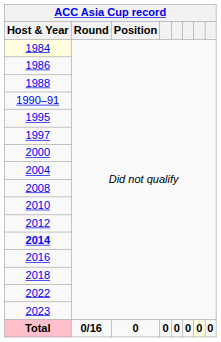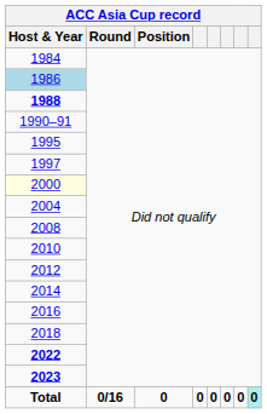 <table class="wikitable" style="text-align: center;">
 <tr>
 <th colspan=8><a href='#'>ACC Asia Cup record</a></th>
 </tr>
 <tr>
 <th scope="col">Host & Year</th>
 <th scope="col">Round</th>
 <th scope="col">Position</th>
 <th scope="col"></th>
 <th scope="col"></th>
 <th scope="col"></th>
 <th scope="col"></th>
 <th scope="col"></th>
 </tr>
 <tr>
-<td style="background: lightyellow;"> <a href='#'>1984</a></td>
+<td> <a href='#'>1984</a></td>
 <td colspan="7" rowspan="16"><em>Did not qualify</em></td>
 </tr>
 <tr>
-<td> <a href='#'>1986</a></td>
+<td style="background: lightblue;"> <a href='#'>1986</a></td>
 </tr>
 <tr>
-<td> <a href='#'>1988</a></td>
+<td><strong> <a href='#'>1988</a></strong></td>
 </tr>
 <tr>
 <td> <a href='#'>1990–91</a></td>
 </tr>
 <tr>
 <td> <a href='#'>1995</a></td>
 </tr>
 <tr>
 <td> <a href='#'>1997</a></td>
 </tr>
 <tr>
-<td> <a href='#'>2000</a></td>
+<td style="background: lightyellow;"> <a href='#'>2000</a></td>
 </tr>
 <tr>
 <td> <a href='#'>2004</a></td>
 </tr>
 <tr>
 <td> <a href='#'>2008</a></td>
 </tr>
 <tr>
 <td> <a href='#'>2010</a></td>
 </tr>
 <tr>
 <td> <a href='#'>2012</a></td>
 </tr>
 <tr>
-<td><strong> <a href='#'>2014</a></strong></td>
+<td> <a href='#'>2014</a></td>
 </tr>
 <tr>
 <td> <a href='#'>2016</a></td>
 </tr>
 <tr>
 <td> <a href='#'>2018</a></td>
 </tr>
 <tr>
-<td> <a href='#'>2022</a></td>
+<td><strong> <a href='#'>2022</a></strong></td>
 </tr>
 <tr>
-<td> <a href='#'>2023</a></td>
+<td><strong> <a href='#'>2023</a></strong></td>
 </tr>
 <tr>
-<td style="background: pink;"><strong>Total</strong></td>
+<td><strong>Total</strong></td>
 <td><strong>0/16</strong></td>
 <td><strong>0</strong></td>
 <td><strong>0</strong></td>
 <td><strong>0</strong></td>
 <td><strong>0</strong></td>
-<td style="background: lightyellow;"><strong>0</strong></td>
 <td><strong>0</strong></td>
+<td style="background: paleturquoise;"><strong>0</strong></td>
 </tr>
 </table>
